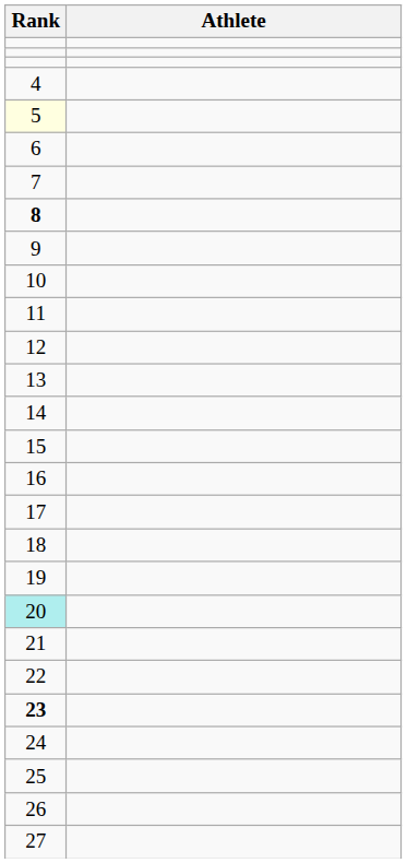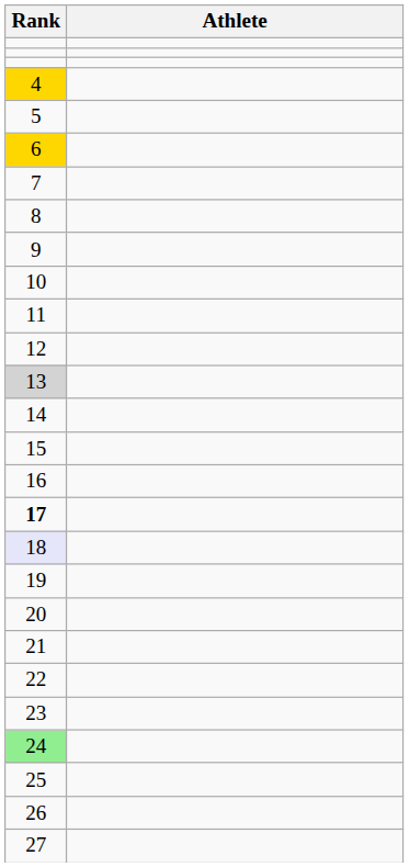 <table class="wikitable" style="text-align: center;">
 <tr>
 <th width=40>Rank</th>
 <th width=250>Athlete</th>
 </tr>
 <tr>
 <td></td>
 <td align=left></td>
 </tr>
 <tr>
 <td></td>
 <td align=left></td>
 </tr>
 <tr>
 <td></td>
 <td align=left></td>
 </tr>
 <tr>
-<td>4</td>
+<td style="background: gold;">4</td>
 <td align=left></td>
 </tr>
 <tr>
-<td style="background: lightyellow;">5</td>
+<td>5</td>
 <td align=left></td>
 </tr>
 <tr>
-<td>6</td>
+<td style="background: gold;">6</td>
 <td align=left></td>
 </tr>
 <tr>
 <td>7</td>
 <td align=left></td>
 </tr>
 <tr>
-<td><strong>8</strong></td>
+<td>8</td>
 <td align=left></td>
 </tr>
 <tr>
 <td>9</td>
 <td align=left></td>
 </tr>
 <tr>
 <td>10</td>
 <td align=left></td>
 </tr>
 <tr>
 <td>11</td>
 <td align=left></td>
 </tr>
 <tr>
 <td>12</td>
 <td align=left></td>
 </tr>
 <tr>
-<td>13</td>
+<td style="background: lightgrey;">13</td>
 <td align=left></td>
 </tr>
 <tr>
 <td>14</td>
 <td align=left></td>
 </tr>
 <tr>
 <td>15</td>
 <td align=left></td>
 </tr>
 <tr>
 <td>16</td>
 <td align=left></td>
 </tr>
 <tr>
-<td>17</td>
+<td><strong>17</strong></td>
 <td align=left></td>
 </tr>
 <tr>
-<td>18</td>
+<td style="background: lavender;">18</td>
 <td align=left></td>
 </tr>
 <tr>
 <td>19</td>
 <td align=left></td>
 </tr>
 <tr>
-<td style="background: paleturquoise;">20</td>
+<td>20</td>
 <td align=left></td>
 </tr>
 <tr>
 <td>21</td>
 <td align=left></td>
 </tr>
 <tr>
 <td>22</td>
 <td align=left></td>
 </tr>
 <tr>
-<td><strong>23</strong></td>
+<td>23</td>
 <td align=left></td>
 </tr>
 <tr>
-<td>24</td>
+<td style="background: lightgreen;">24</td>
 <td align=left></td>
 </tr>
 <tr>
 <td>25</td>
 <td align=left></td>
 </tr>
 <tr>
 <td>26</td>
 <td align=left></td>
 </tr>
 <tr>
 <td>27</td>
 <td align=left></td>
 </tr>
 </table>
